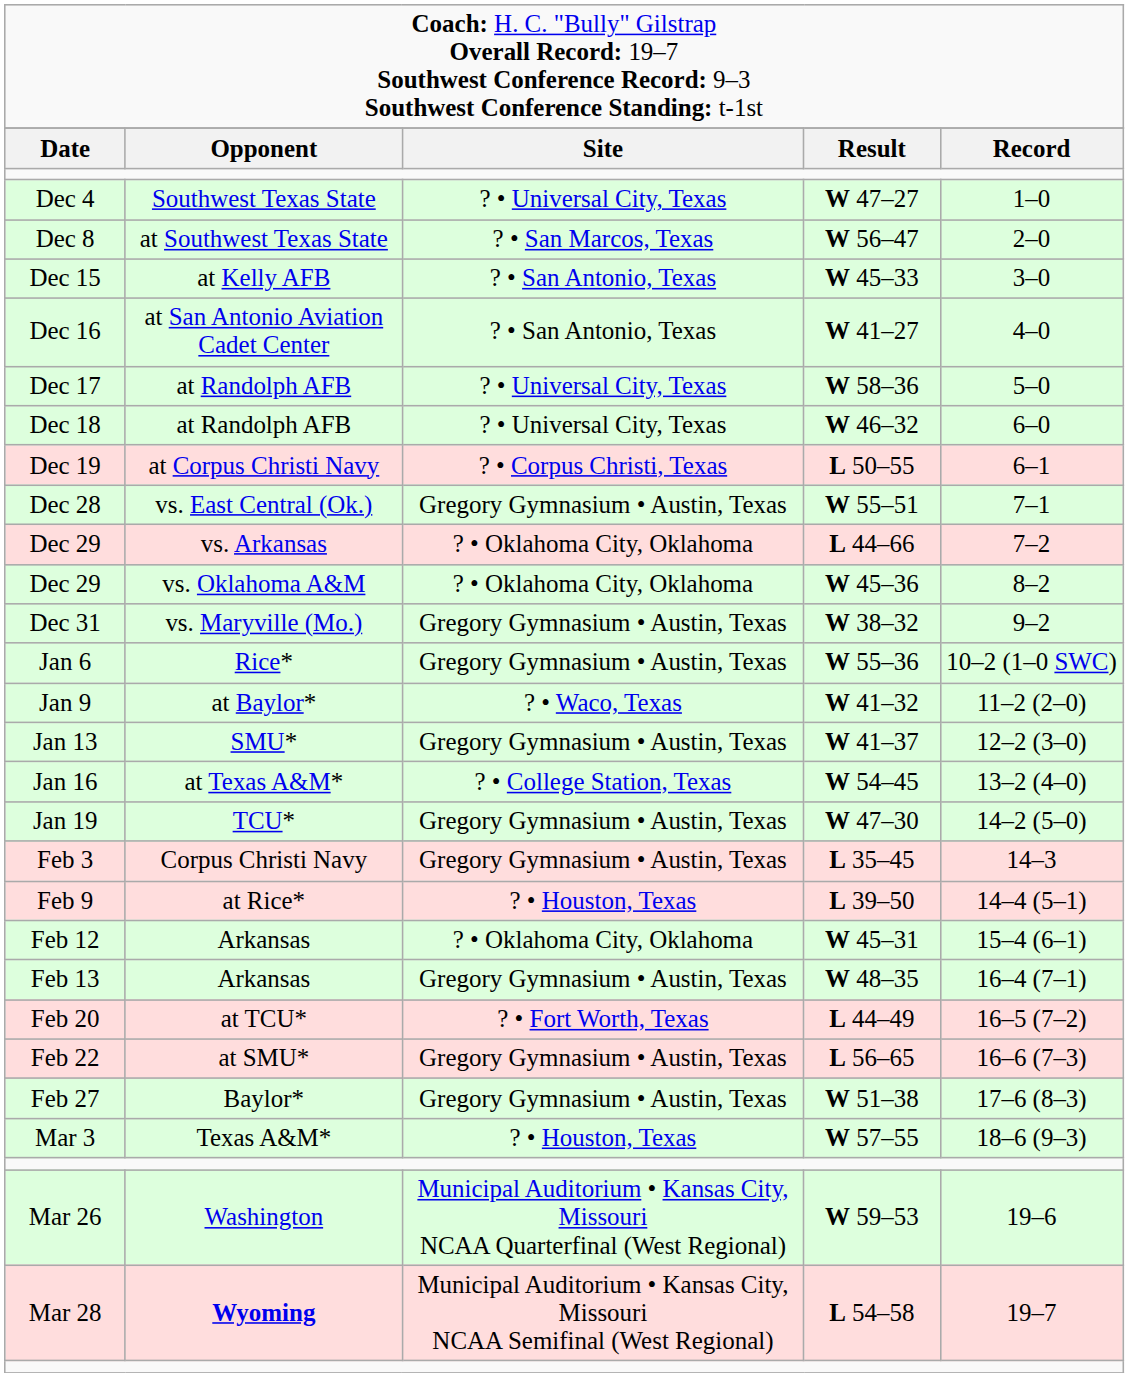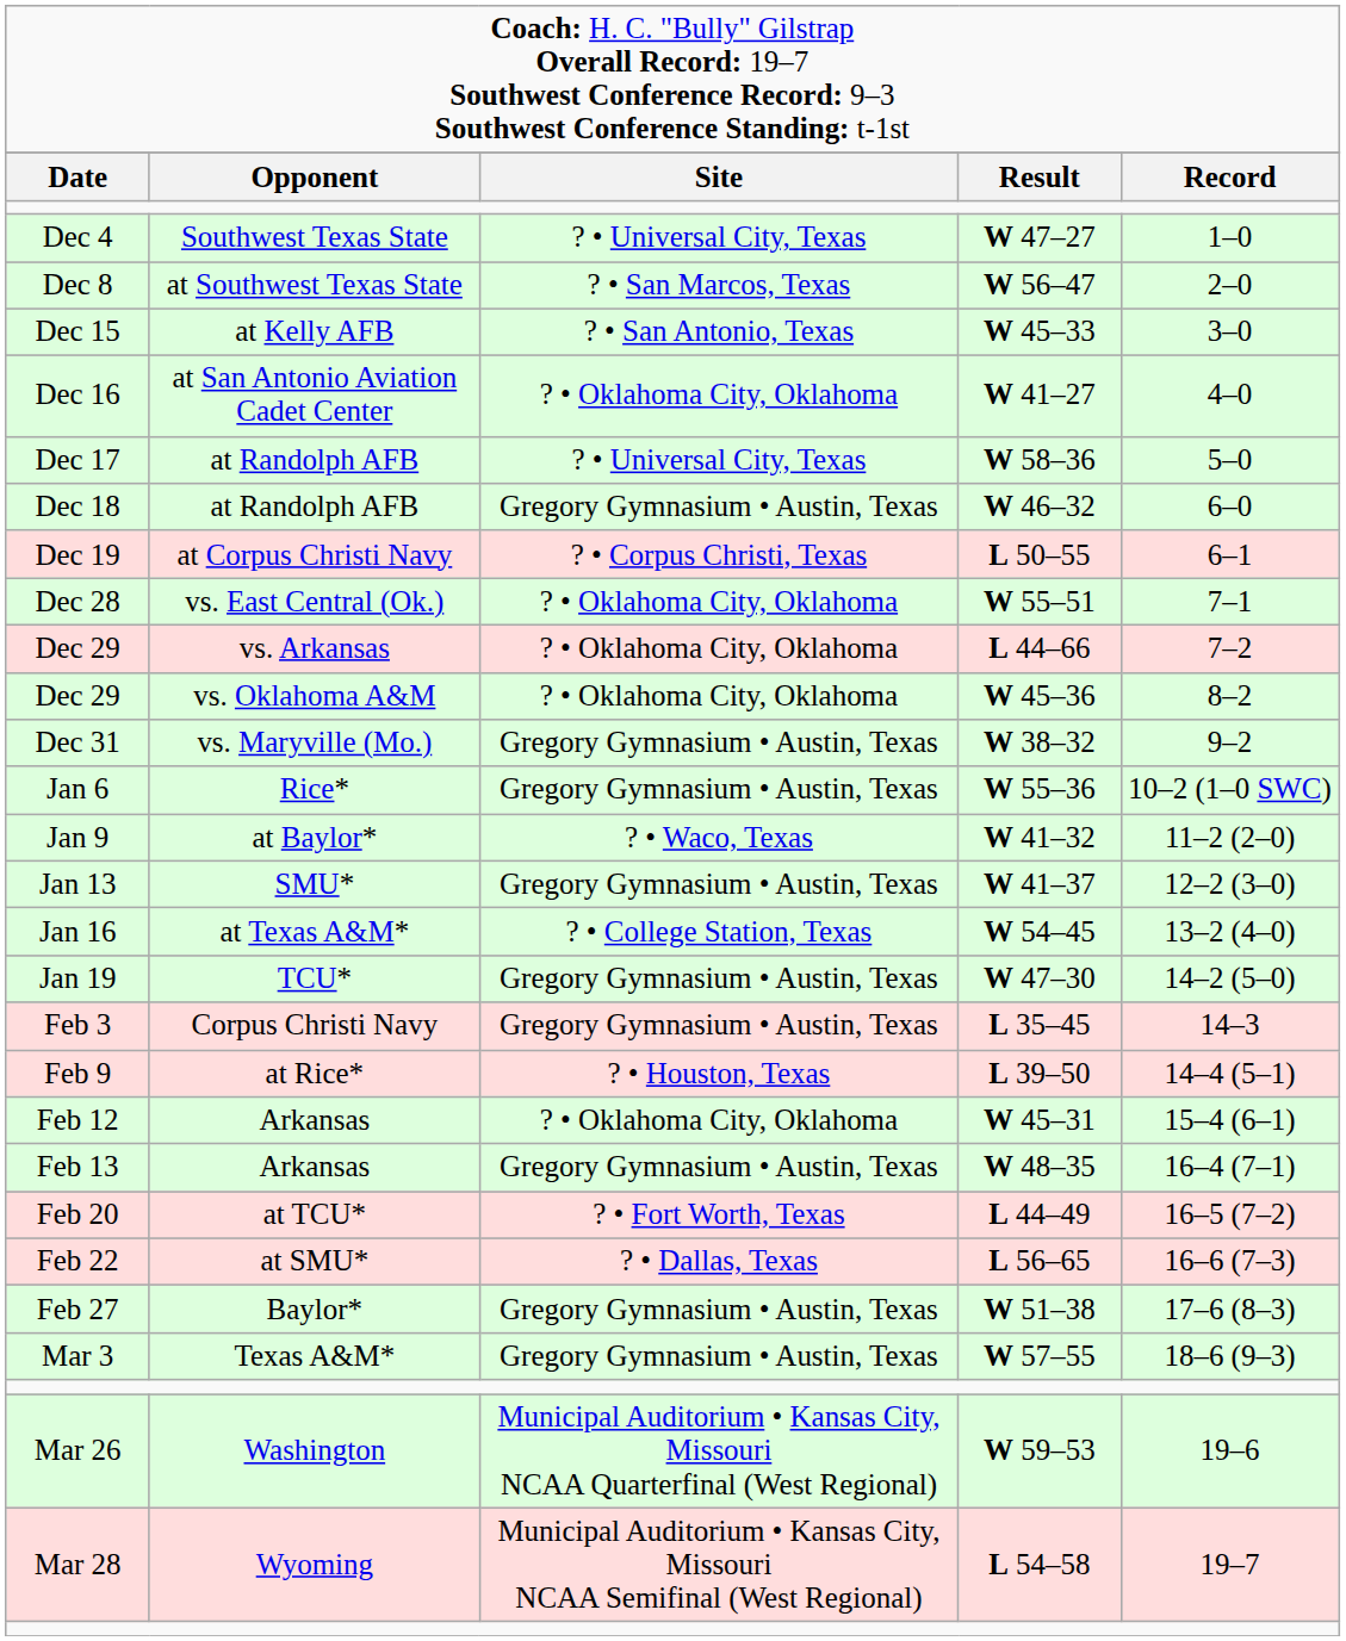 <table class="wikitable" style="text-align:center">
 <tr>
 <td colspan=8  style="text-align:center"><strong>Coach:</strong> <a href='#'>H. C. "Bully" Gilstrap</a><br><strong>Overall Record:</strong> 19–7<br><strong>Southwest Conference Record:</strong> 9–3<br><strong>Southwest Conference Standing:</strong> t-1st</td>
 </tr>
 <tr>
 </tr>
 <tr>
 <th style="width:70px;">Date</th>
 <th style="width:170px;">Opponent</th>
 <th style="width:250px;">Site</th>
 <th style="width:80px;">Result</th>
 <th style="width:110px;">Record</th>
 </tr>
 <tr>
 <td colspan="8"></td>
 </tr>
 <tr style="background: #ddffdd;">
 <td>Dec 4</td>
 <td><a href='#'>Southwest Texas State</a></td>
 <td>? • <a href='#'>Universal City, Texas</a></td>
 <td><strong>W</strong> 47–27</td>
 <td>1–0</td>
 </tr>
 <tr style="background: #ddffdd;">
 <td>Dec 8</td>
 <td>at <a href='#'>Southwest Texas State</a></td>
 <td>? • <a href='#'>San Marcos, Texas</a></td>
 <td><strong>W</strong> 56–47</td>
 <td>2–0</td>
 </tr>
 <tr style="background: #ddffdd;">
 <td>Dec 15</td>
 <td>at <a href='#'>Kelly AFB</a></td>
 <td>? • <a href='#'>San Antonio, Texas</a></td>
 <td><strong>W</strong> 45–33</td>
 <td>3–0</td>
 </tr>
 <tr style="background: #ddffdd;">
 <td>Dec 16</td>
 <td>at <a href='#'>San Antonio Aviation Cadet Center</a></td>
-<td>? • San Antonio, Texas</td>
+<td>? • <a href='#'>Oklahoma City, Oklahoma</a></td>
 <td><strong>W</strong> 41–27</td>
 <td>4–0</td>
 </tr>
 <tr style="background: #ddffdd;">
 <td>Dec 17</td>
 <td>at <a href='#'>Randolph AFB</a></td>
 <td>? • <a href='#'>Universal City, Texas</a></td>
 <td><strong>W</strong> 58–36</td>
 <td>5–0</td>
 </tr>
 <tr style="background: #ddffdd;">
 <td>Dec 18</td>
 <td>at Randolph AFB</td>
-<td>? • Universal City, Texas</td>
+<td>Gregory Gymnasium • Austin, Texas</td>
 <td><strong>W</strong> 46–32</td>
 <td>6–0</td>
 </tr>
 <tr style="background: #ffdddd;">
 <td>Dec 19</td>
 <td>at <a href='#'>Corpus Christi Navy</a></td>
 <td>? • <a href='#'>Corpus Christi, Texas</a></td>
 <td><strong>L</strong> 50–55</td>
 <td>6–1</td>
 </tr>
 <tr style="background: #ddffdd;">
 <td>Dec 28</td>
 <td>vs. <a href='#'>East Central (Ok.)</a></td>
-<td>Gregory Gymnasium • Austin, Texas</td>
+<td>? • <a href='#'>Oklahoma City, Oklahoma</a></td>
 <td><strong>W</strong> 55–51</td>
 <td>7–1</td>
 </tr>
 <tr style="background: #ffdddd;">
 <td>Dec 29</td>
 <td>vs. <a href='#'>Arkansas</a></td>
 <td>? • Oklahoma City, Oklahoma</td>
 <td><strong>L</strong> 44–66</td>
 <td>7–2</td>
 </tr>
 <tr style="background: #ddffdd;">
 <td>Dec 29</td>
 <td>vs. <a href='#'>Oklahoma A&M</a></td>
 <td>? • Oklahoma City, Oklahoma</td>
 <td><strong>W</strong> 45–36</td>
 <td>8–2</td>
 </tr>
 <tr style="background: #ddffdd;">
 <td>Dec 31</td>
 <td>vs. <a href='#'>Maryville (Mo.)</a></td>
 <td>Gregory Gymnasium • Austin, Texas</td>
 <td><strong>W</strong> 38–32</td>
 <td>9–2</td>
 </tr>
 <tr style="background: #ddffdd;">
 <td>Jan 6</td>
 <td><a href='#'>Rice</a>*</td>
 <td>Gregory Gymnasium • Austin, Texas</td>
 <td><strong>W</strong> 55–36</td>
 <td>10–2 (1–0 <a href='#'>SWC</a>)</td>
 </tr>
 <tr style="background: #ddffdd;">
 <td>Jan 9</td>
 <td>at <a href='#'>Baylor</a>*</td>
 <td>? • <a href='#'>Waco, Texas</a></td>
 <td><strong>W</strong> 41–32</td>
 <td>11–2 (2–0)</td>
 </tr>
 <tr style="background: #ddffdd;">
 <td>Jan 13</td>
 <td><a href='#'>SMU</a>*</td>
 <td>Gregory Gymnasium • Austin, Texas</td>
 <td><strong>W</strong> 41–37</td>
 <td>12–2 (3–0)</td>
 </tr>
 <tr style="background: #ddffdd;">
 <td>Jan 16</td>
 <td>at <a href='#'>Texas A&M</a>*</td>
 <td>? • <a href='#'>College Station, Texas</a></td>
 <td><strong>W</strong> 54–45</td>
 <td>13–2 (4–0)</td>
 </tr>
 <tr style="background: #ddffdd;">
 <td>Jan 19</td>
 <td><a href='#'>TCU</a>*</td>
 <td>Gregory Gymnasium • Austin, Texas</td>
 <td><strong>W</strong> 47–30</td>
 <td>14–2 (5–0)</td>
 </tr>
 <tr style="background: #ffdddd;">
 <td>Feb 3</td>
 <td>Corpus Christi Navy</td>
 <td>Gregory Gymnasium • Austin, Texas</td>
 <td><strong>L</strong> 35–45</td>
 <td>14–3</td>
 </tr>
 <tr style="background: #ffdddd;">
 <td>Feb 9</td>
 <td>at Rice*</td>
 <td>? • <a href='#'>Houston, Texas</a></td>
 <td><strong>L</strong> 39–50</td>
 <td>14–4 (5–1)</td>
 </tr>
 <tr style="background: #ddffdd;">
 <td>Feb 12</td>
 <td>Arkansas</td>
 <td>? • Oklahoma City, Oklahoma</td>
 <td><strong>W</strong> 45–31</td>
 <td>15–4 (6–1)</td>
 </tr>
 <tr style="background: #ddffdd;">
 <td>Feb 13</td>
 <td>Arkansas</td>
 <td>Gregory Gymnasium • Austin, Texas</td>
 <td><strong>W</strong> 48–35</td>
 <td>16–4 (7–1)</td>
 </tr>
 <tr style="background: #ffdddd;">
 <td>Feb 20</td>
 <td>at TCU*</td>
 <td>? • <a href='#'>Fort Worth, Texas</a></td>
 <td><strong>L</strong> 44–49</td>
 <td>16–5 (7–2)</td>
 </tr>
 <tr style="background: #ffdddd;">
 <td>Feb 22</td>
 <td>at SMU*</td>
-<td>Gregory Gymnasium • Austin, Texas</td>
+<td>? • <a href='#'>Dallas, Texas</a></td>
 <td><strong>L</strong> 56–65</td>
 <td>16–6 (7–3)</td>
 </tr>
 <tr style="background: #ddffdd;">
 <td>Feb 27</td>
 <td>Baylor*</td>
 <td>Gregory Gymnasium • Austin, Texas</td>
 <td><strong>W</strong> 51–38</td>
 <td>17–6 (8–3)</td>
 </tr>
 <tr style="background: #ddffdd;">
 <td>Mar 3</td>
 <td>Texas A&M*</td>
-<td>? • <a href='#'>Houston, Texas</a></td>
+<td>Gregory Gymnasium • Austin, Texas</td>
 <td><strong>W</strong> 57–55</td>
 <td>18–6 (9–3)</td>
 </tr>
 <tr>
 <td colspan="8"></td>
 </tr>
 <tr style="background: #ddffdd;">
 <td>Mar 26</td>
 <td><a href='#'>Washington</a></td>
 <td><a href='#'>Municipal Auditorium</a> • <a href='#'>Kansas City, Missouri</a><br>NCAA Quarterfinal (West Regional)</td>
 <td><strong>W</strong> 59–53</td>
 <td>19–6</td>
 </tr>
 <tr style="background: #ffdddd;">
 <td>Mar 28</td>
-<td><strong><a href='#'>Wyoming</a></strong></td>
+<td><a href='#'>Wyoming</a></td>
 <td>Municipal Auditorium • Kansas City, Missouri<br>NCAA Semifinal (West Regional)</td>
 <td><strong>L</strong> 54–58</td>
 <td>19–7</td>
 </tr>
 <tr>
 <td colspan=8></td>
 </tr>
 </table>
